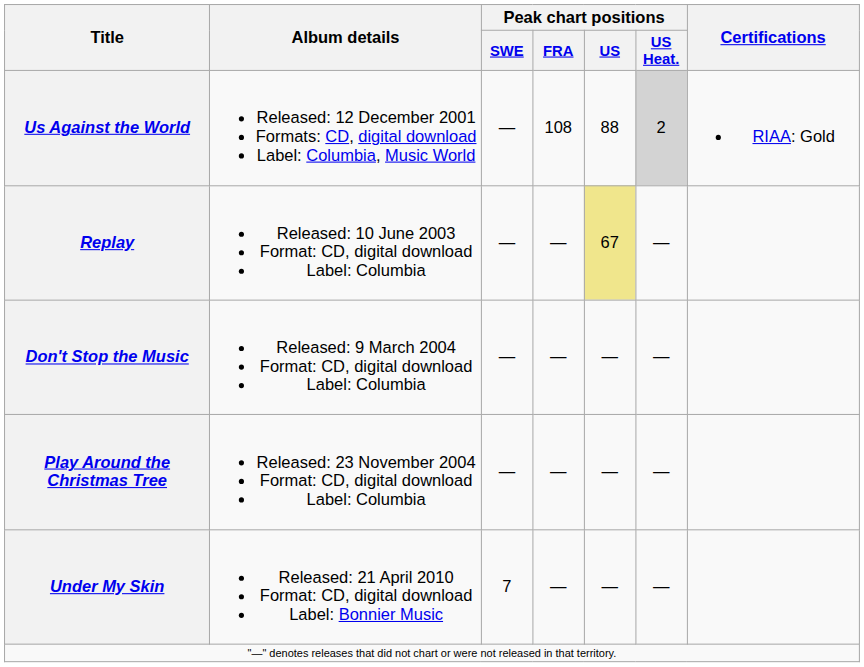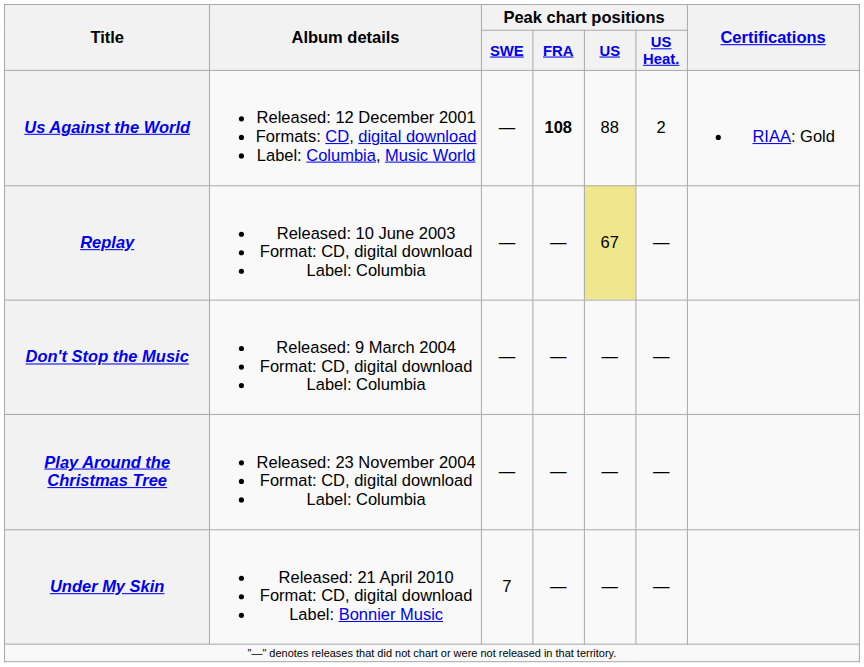 <table class="wikitable plainrowheaders" style="text-align:center;" border="1">
 <tr>
 <th scope="col" rowspan="2" style="width:12em;">Title</th>
 <th scope="col" rowspan="2" style="width:16em;">Album details</th>
 <th scope="col" colspan="4">Peak chart positions</th>
 <th scope="col" rowspan="2" style="width:10em;"><a href='#'>Certifications</a></th>
 </tr>
 <tr>
 <th scope="col" style="width:3em;font-size:90%;"><a href='#'>SWE</a><br></th>
 <th scope="col" style="width:3em;font-size:90%;"><a href='#'>FRA</a><br></th>
 <th scope="col" style="width:3em;font-size:90%;"><a href='#'>US</a><br></th>
 <th scope="col" style="width:3em;font-size:90%;"><a href='#'>US<br>Heat.</a><br></th>
 </tr>
 <tr>
 <th scope="row"><em><a href='#'>Us Against the World</a></em></th>
 <td><br><ul><li>Released: 12 December 2001</li><li>Formats: <a href='#'>CD</a>, <a href='#'>digital download</a></li><li>Label: <a href='#'>Columbia</a>, <a href='#'>Music World</a></li></ul></td>
 <td>—</td>
-<td>108</td>
+<td><strong>108</strong></td>
 <td>88</td>
-<td style="background: lightgrey;">2</td>
+<td>2</td>
 <td><br><ul><li><a href='#'>RIAA</a>: Gold</li></ul></td>
 </tr>
 <tr>
 <th scope="row"><em><a href='#'>Replay</a></em></th>
 <td><br><ul><li>Released: 10 June 2003</li><li>Format: CD, digital download</li><li>Label: Columbia</li></ul></td>
 <td>—</td>
 <td>—</td>
 <td style="background: khaki;">67</td>
 <td>—</td>
 <td></td>
 </tr>
 <tr>
 <th scope="row"><em><a href='#'>Don't Stop the Music</a></em></th>
 <td><br><ul><li>Released: 9 March 2004</li><li>Format: CD, digital download</li><li>Label: Columbia</li></ul></td>
 <td>—</td>
 <td>—</td>
 <td>—</td>
 <td>—</td>
 <td></td>
 </tr>
 <tr>
 <th scope="row"><em><a href='#'>Play Around the<br>Christmas Tree</a></em></th>
 <td><br><ul><li>Released: 23 November 2004</li><li>Format: CD, digital download</li><li>Label: Columbia</li></ul></td>
 <td>—</td>
 <td>—</td>
 <td>—</td>
 <td>—</td>
 <td></td>
 </tr>
 <tr>
 <th scope="row"><em><a href='#'>Under My Skin</a></em></th>
 <td><br><ul><li>Released: 21 April 2010</li><li>Format: CD, digital download</li><li>Label: <a href='#'>Bonnier Music</a></li></ul></td>
 <td>7</td>
 <td>—</td>
 <td>—</td>
 <td>—</td>
 <td></td>
 </tr>
 <tr>
 <td align="center" colspan="15" style="font-size:8pt">"—" denotes releases that did not chart or were not released in that territory.</td>
 </tr>
 </table>
